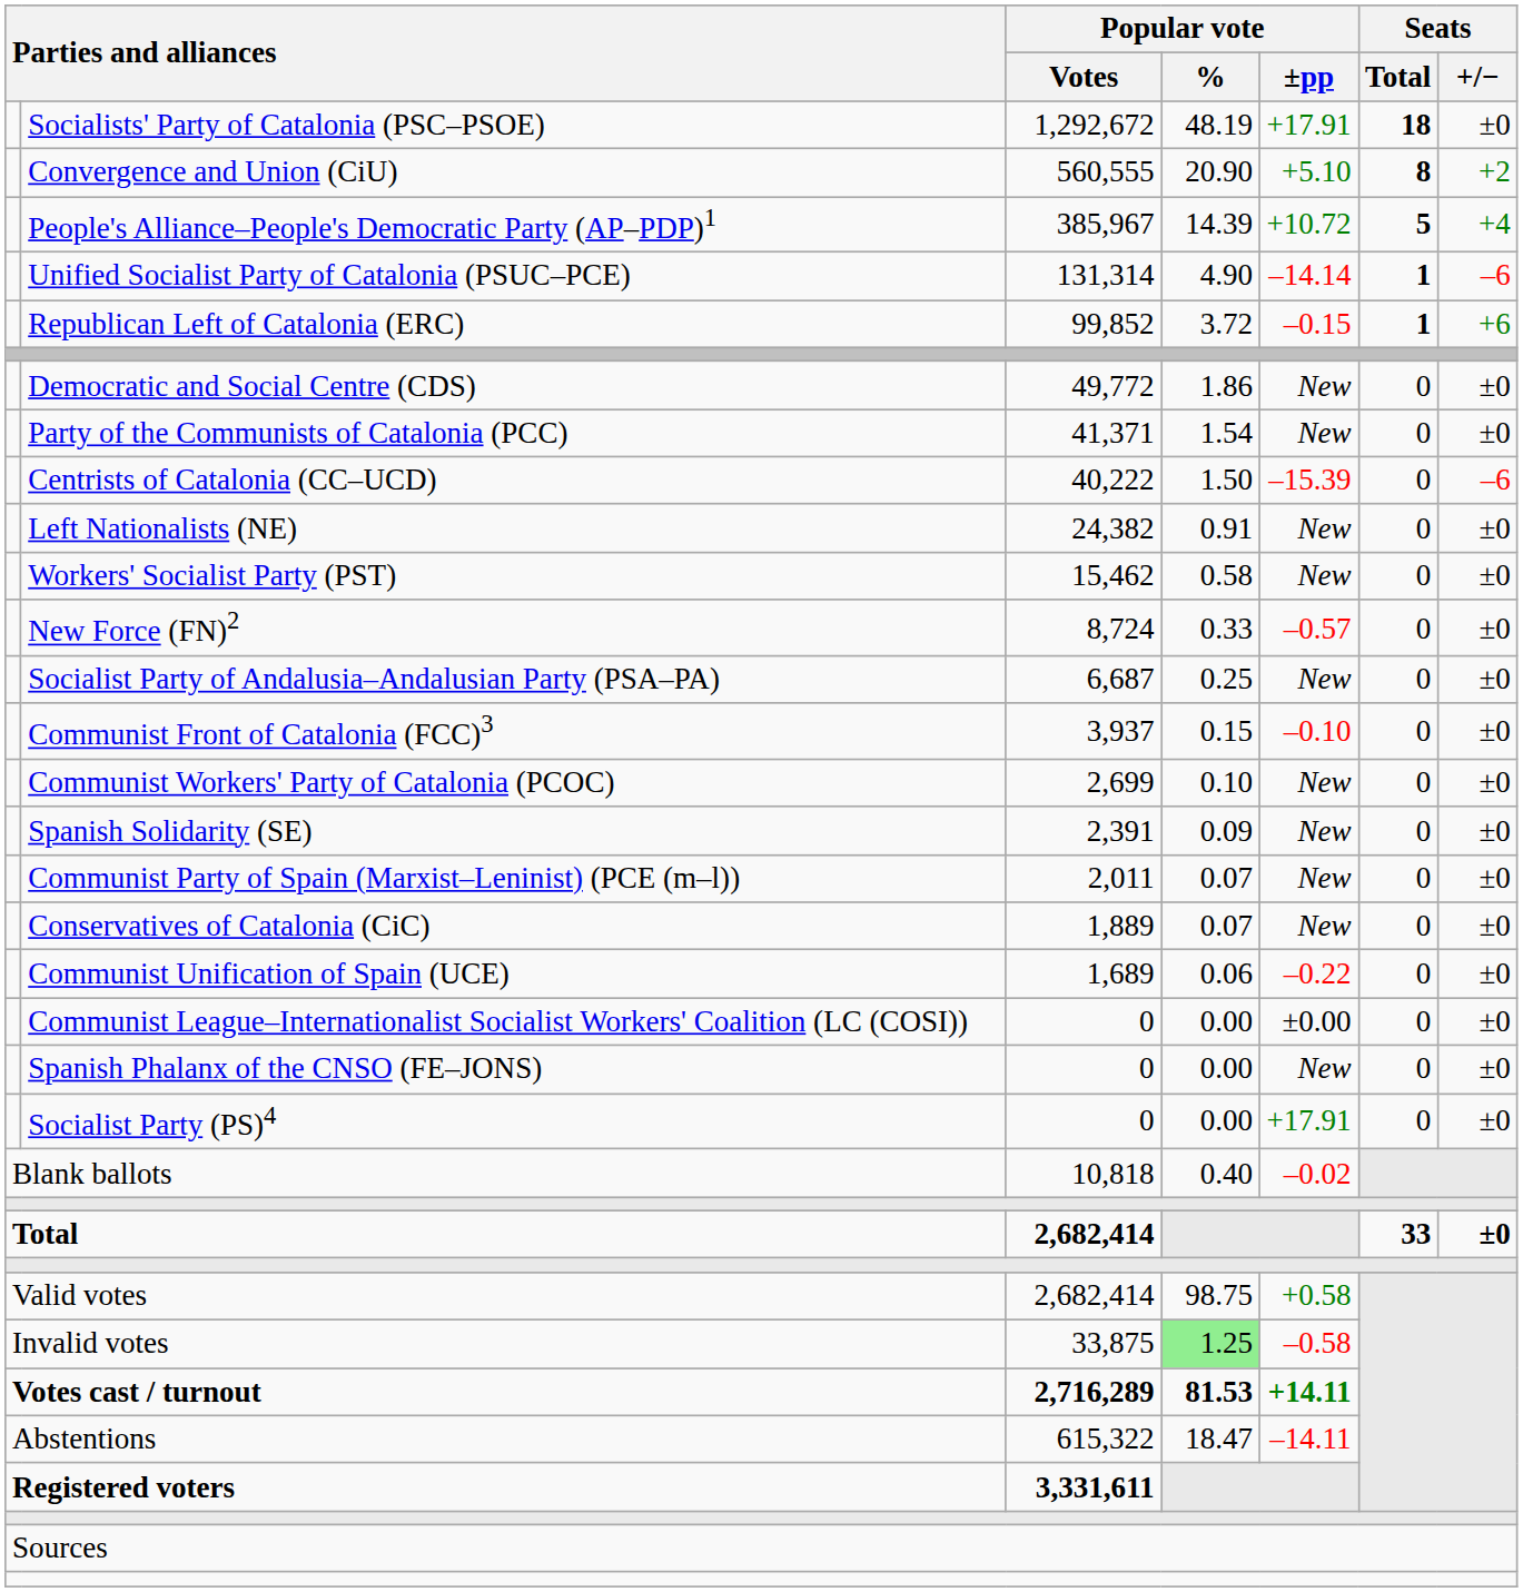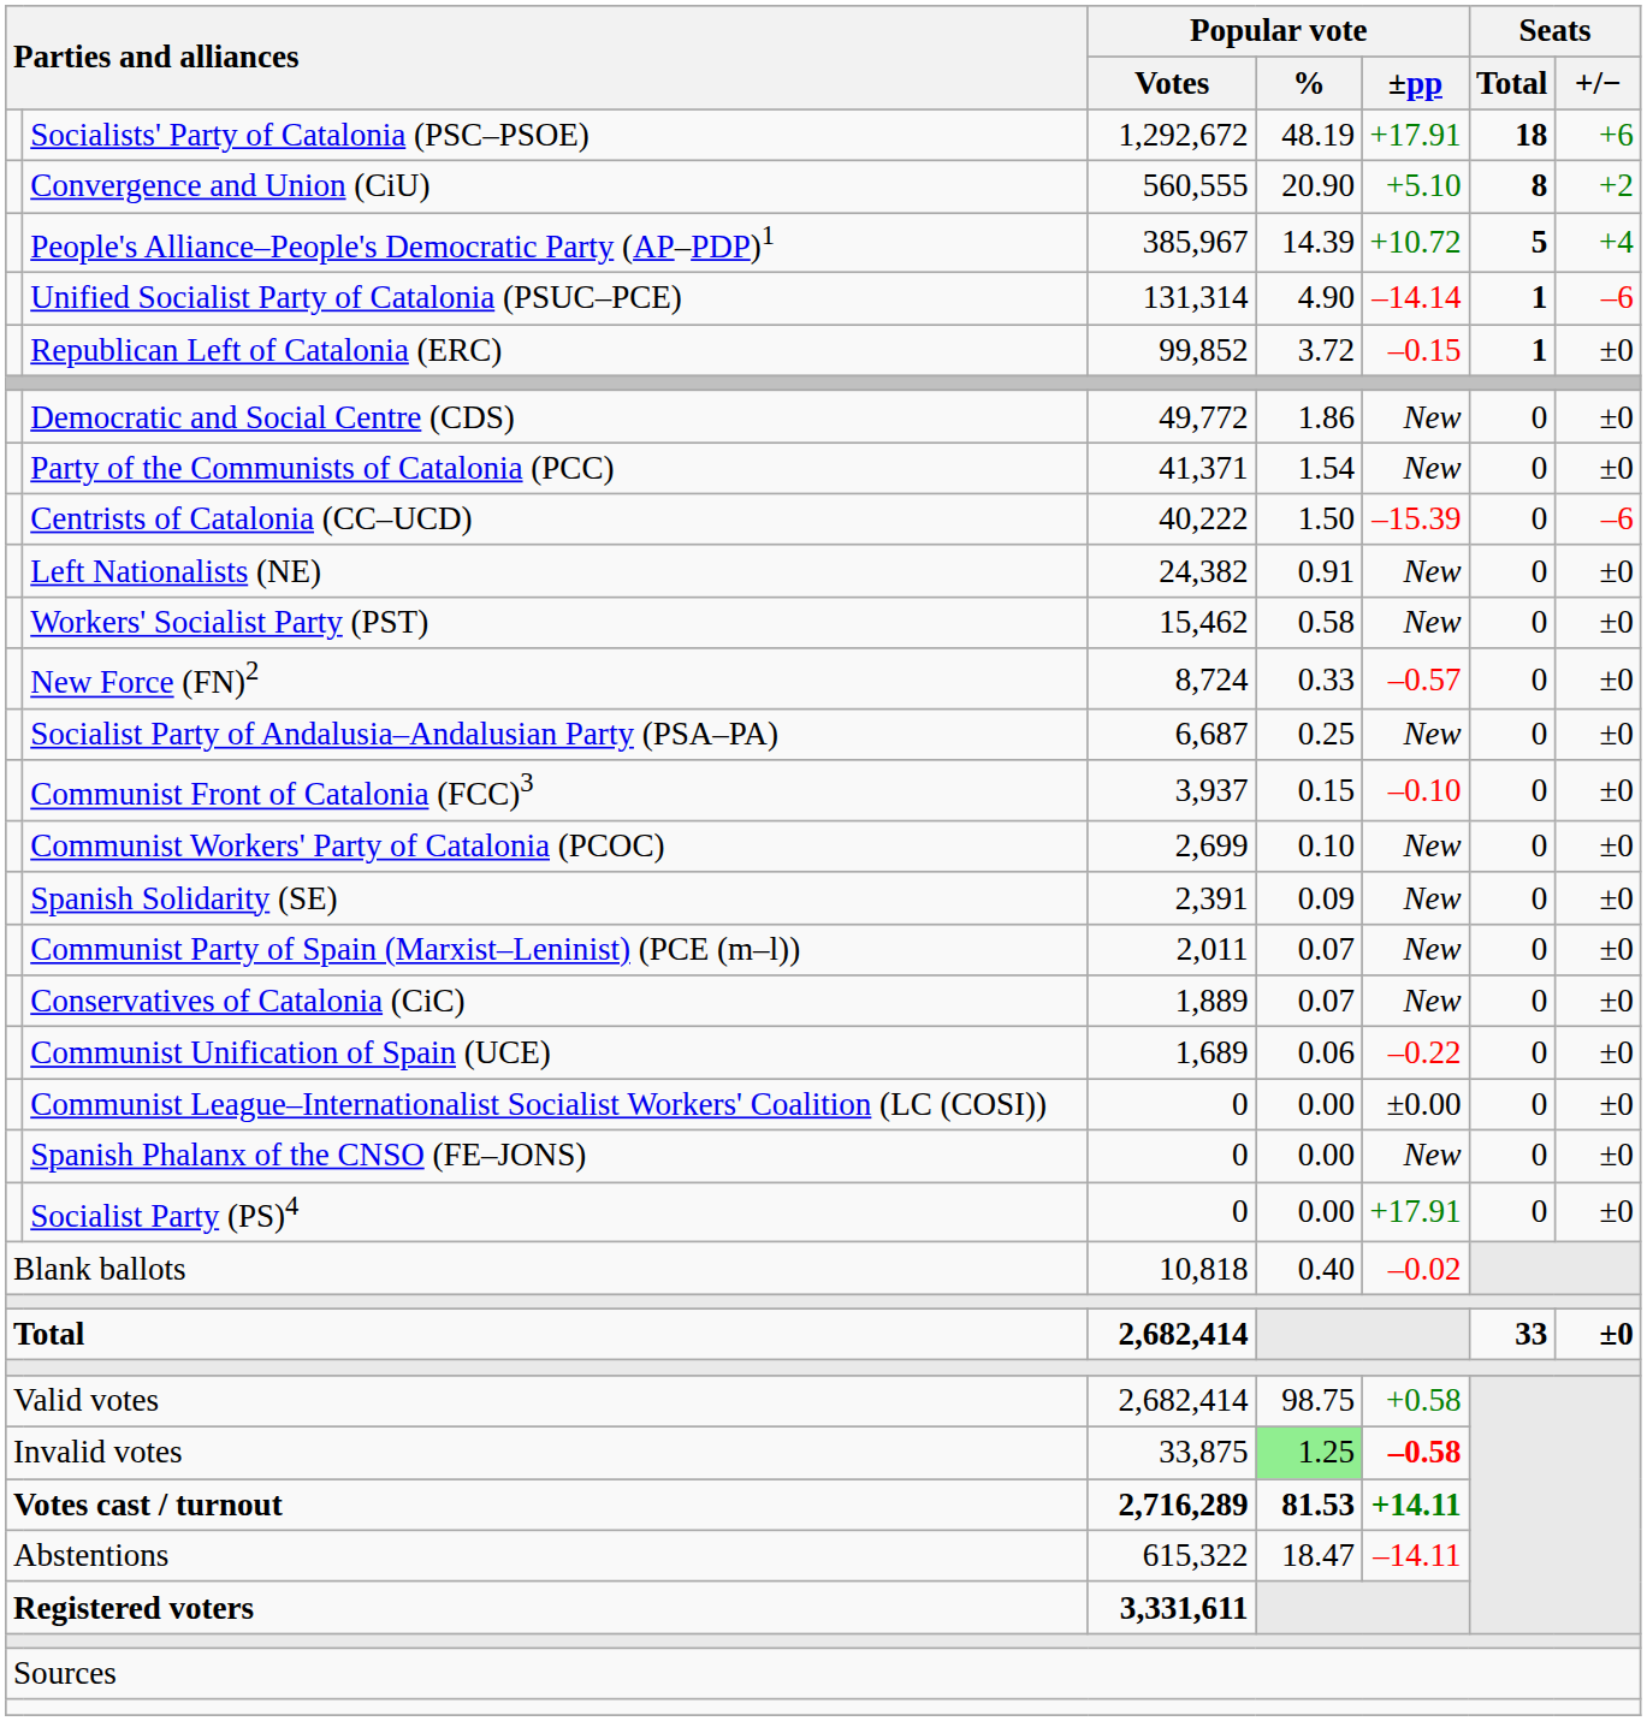 <table class="wikitable" style="text-align:right;">
 <tr>
 <th style="text-align:left;" rowspan="2" colspan="2" width="525">Parties and alliances</th>
 <th colspan="3">Popular vote</th>
 <th colspan="2">Seats</th>
 </tr>
 <tr>
 <th width="75">Votes</th>
 <th width="45">%</th>
 <th width="45">±<a href='#'>pp</a></th>
 <th width="35">Total</th>
 <th width="35">+/−</th>
 </tr>
 <tr>
 <td width="1" style="color:inherit;background:"></td>
 <td align="left"><a href='#'>Socialists' Party of Catalonia</a> (PSC–PSOE)</td>
 <td>1,292,672</td>
 <td>48.19</td>
 <td style="color:green;">+17.91</td>
 <td><strong>18</strong></td>
-<td>±0</td>
+<td style="color:green;">+6</td>
 </tr>
 <tr>
 <td style="color:inherit;background:"></td>
 <td align="left"><a href='#'>Convergence and Union</a> (CiU)</td>
 <td>560,555</td>
 <td>20.90</td>
 <td style="color:green;">+5.10</td>
 <td><strong>8</strong></td>
 <td style="color:green;">+2</td>
 </tr>
 <tr>
 <td style="color:inherit;background:"></td>
 <td align="left"><a href='#'>People's Alliance–People's Democratic Party</a> (<a href='#'>AP</a>–<a href='#'>PDP</a>)<sup>1</sup></td>
 <td>385,967</td>
 <td>14.39</td>
 <td style="color:green;">+10.72</td>
 <td><strong>5</strong></td>
 <td style="color:green;">+4</td>
 </tr>
 <tr>
 <td style="color:inherit;background:"></td>
 <td align="left"><a href='#'>Unified Socialist Party of Catalonia</a> (PSUC–PCE)</td>
 <td>131,314</td>
 <td>4.90</td>
 <td style="color:red;">–14.14</td>
 <td><strong>1</strong></td>
 <td style="color:red;">–6</td>
 </tr>
 <tr>
 <td style="color:inherit;background:"></td>
 <td align="left"><a href='#'>Republican Left of Catalonia</a> (ERC)</td>
 <td>99,852</td>
 <td>3.72</td>
 <td style="color:red;">–0.15</td>
 <td><strong>1</strong></td>
-<td style="color:green;">+6</td>
+<td>±0</td>
 </tr>
 <tr>
 <td colspan="7" bgcolor="#C0C0C0"></td>
 </tr>
 <tr>
 <td style="color:inherit;background:"></td>
 <td align="left"><a href='#'>Democratic and Social Centre</a> (CDS)</td>
 <td>49,772</td>
 <td>1.86</td>
 <td><em>New</em></td>
 <td>0</td>
 <td>±0</td>
 </tr>
 <tr>
 <td style="color:inherit;background:"></td>
 <td align="left"><a href='#'>Party of the Communists of Catalonia</a> (PCC)</td>
 <td>41,371</td>
 <td>1.54</td>
 <td><em>New</em></td>
 <td>0</td>
 <td>±0</td>
 </tr>
 <tr>
 <td style="color:inherit;background:"></td>
 <td align="left"><a href='#'>Centrists of Catalonia</a> (CC–UCD)</td>
 <td>40,222</td>
 <td>1.50</td>
 <td style="color:red;">–15.39</td>
 <td>0</td>
 <td style="color:red;">–6</td>
 </tr>
 <tr>
 <td style="color:inherit;background:"></td>
 <td align="left"><a href='#'>Left Nationalists</a> (NE)</td>
 <td>24,382</td>
 <td>0.91</td>
 <td><em>New</em></td>
 <td>0</td>
 <td>±0</td>
 </tr>
 <tr>
 <td style="color:inherit;background:"></td>
 <td align="left"><a href='#'>Workers' Socialist Party</a> (PST)</td>
 <td>15,462</td>
 <td>0.58</td>
 <td><em>New</em></td>
 <td>0</td>
 <td>±0</td>
 </tr>
 <tr>
 <td style="color:inherit;background:"></td>
 <td align="left"><a href='#'>New Force</a> (FN)<sup>2</sup></td>
 <td>8,724</td>
 <td>0.33</td>
 <td style="color:red;">–0.57</td>
 <td>0</td>
 <td>±0</td>
 </tr>
 <tr>
 <td style="color:inherit;background:"></td>
 <td align="left"><a href='#'>Socialist Party of Andalusia–Andalusian Party</a> (PSA–PA)</td>
 <td>6,687</td>
 <td>0.25</td>
 <td><em>New</em></td>
 <td>0</td>
 <td>±0</td>
 </tr>
 <tr>
 <td style="color:inherit;background:"></td>
 <td align="left"><a href='#'>Communist Front of Catalonia</a> (FCC)<sup>3</sup></td>
 <td>3,937</td>
 <td>0.15</td>
 <td style="color:red;">–0.10</td>
 <td>0</td>
 <td>±0</td>
 </tr>
 <tr>
 <td style="color:inherit;background:"></td>
 <td align="left"><a href='#'>Communist Workers' Party of Catalonia</a> (PCOC)</td>
 <td>2,699</td>
 <td>0.10</td>
 <td><em>New</em></td>
 <td>0</td>
 <td>±0</td>
 </tr>
 <tr>
 <td style="color:inherit;background:"></td>
 <td align="left"><a href='#'>Spanish Solidarity</a> (SE)</td>
 <td>2,391</td>
 <td>0.09</td>
 <td><em>New</em></td>
 <td>0</td>
 <td>±0</td>
 </tr>
 <tr>
 <td style="color:inherit;background:"></td>
 <td align="left"><a href='#'>Communist Party of Spain (Marxist–Leninist)</a> (PCE (m–l))</td>
 <td>2,011</td>
 <td>0.07</td>
 <td><em>New</em></td>
 <td>0</td>
 <td>±0</td>
 </tr>
 <tr>
 <td style="color:inherit;background:"></td>
 <td align="left"><a href='#'>Conservatives of Catalonia</a> (CiC)</td>
 <td>1,889</td>
 <td>0.07</td>
 <td><em>New</em></td>
 <td>0</td>
 <td>±0</td>
 </tr>
 <tr>
 <td style="color:inherit;background:"></td>
 <td align="left"><a href='#'>Communist Unification of Spain</a> (UCE)</td>
 <td>1,689</td>
 <td>0.06</td>
 <td style="color:red;">–0.22</td>
 <td>0</td>
 <td>±0</td>
 </tr>
 <tr>
 <td style="color:inherit;background:"></td>
 <td align="left"><a href='#'>Communist League–Internationalist Socialist Workers' Coalition</a> (LC (COSI))</td>
 <td>0</td>
 <td>0.00</td>
 <td>±0.00</td>
 <td>0</td>
 <td>±0</td>
 </tr>
 <tr>
 <td style="color:inherit;background:"></td>
 <td align="left"><a href='#'>Spanish Phalanx of the CNSO</a> (FE–JONS)</td>
 <td>0</td>
 <td>0.00</td>
 <td><em>New</em></td>
 <td>0</td>
 <td>±0</td>
 </tr>
 <tr>
 <td style="color:inherit;background:"></td>
 <td align="left"><a href='#'>Socialist Party</a> (PS)<sup>4</sup></td>
 <td>0</td>
 <td>0.00</td>
 <td style="color:green;">+17.91</td>
 <td>0</td>
 <td>±0</td>
 </tr>
 <tr>
 <td align="left" colspan="2">Blank ballots</td>
 <td>10,818</td>
 <td>0.40</td>
 <td style="color:red;">–0.02</td>
 <td bgcolor="#E9E9E9" colspan="2"></td>
 </tr>
 <tr>
 <td colspan="7" bgcolor="#E9E9E9"></td>
 </tr>
 <tr style="font-weight:bold;">
 <td align="left" colspan="2">Total</td>
 <td>2,682,414</td>
 <td bgcolor="#E9E9E9" colspan="2"></td>
 <td>33</td>
 <td>±0</td>
 </tr>
 <tr>
 <td colspan="7" bgcolor="#E9E9E9"></td>
 </tr>
 <tr>
 <td align="left" colspan="2">Valid votes</td>
 <td>2,682,414</td>
 <td>98.75</td>
 <td style="color:green;">+0.58</td>
 <td bgcolor="#E9E9E9" colspan="2" rowspan="5"></td>
 </tr>
 <tr>
 <td align="left" colspan="2">Invalid votes</td>
 <td>33,875</td>
 <td style="background: lightgreen;">1.25</td>
-<td style="color:red;">–0.58</td>
+<td style="color:red;"><strong>–0.58</strong></td>
 </tr>
 <tr style="font-weight:bold;">
 <td align="left" colspan="2">Votes cast / turnout</td>
 <td>2,716,289</td>
 <td>81.53</td>
 <td style="color:green;">+14.11</td>
 </tr>
 <tr>
 <td align="left" colspan="2">Abstentions</td>
 <td>615,322</td>
 <td>18.47</td>
 <td style="color:red;">–14.11</td>
 </tr>
 <tr style="font-weight:bold;">
 <td align="left" colspan="2">Registered voters</td>
 <td>3,331,611</td>
 <td bgcolor="#E9E9E9" colspan="2"></td>
 </tr>
 <tr>
 <td colspan="7" bgcolor="#E9E9E9"></td>
 </tr>
 <tr>
 <td align="left" colspan="7">Sources</td>
 </tr>
 <tr>
 <td colspan="7" style="text-align:left; max-width:790px;"></td>
 </tr>
 </table>
